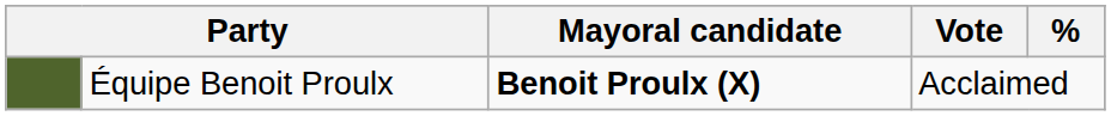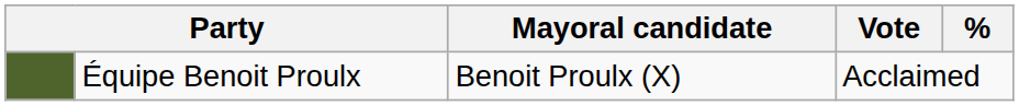 <table class="wikitable">
 <tr>
 <th bgcolor="#DDDDFF" width="230px" colspan="2">Party</th>
 <th bgcolor="#DDDDFF" width="200px">Mayoral candidate</th>
 <th bgcolor="#DDDDFF" width="50px">Vote</th>
 <th bgcolor="#DDDDFF" width="30px">%</th>
 </tr>
 <tr>
 <td bgcolor=#4f642c width="30px"> </td>
 <td>Équipe Benoit Proulx</td>
-<td><strong>Benoit Proulx (X)</strong></td>
+<td>Benoit Proulx (X)</td>
 <td colspan="2">Acclaimed</td>
 </tr>
 </table>
